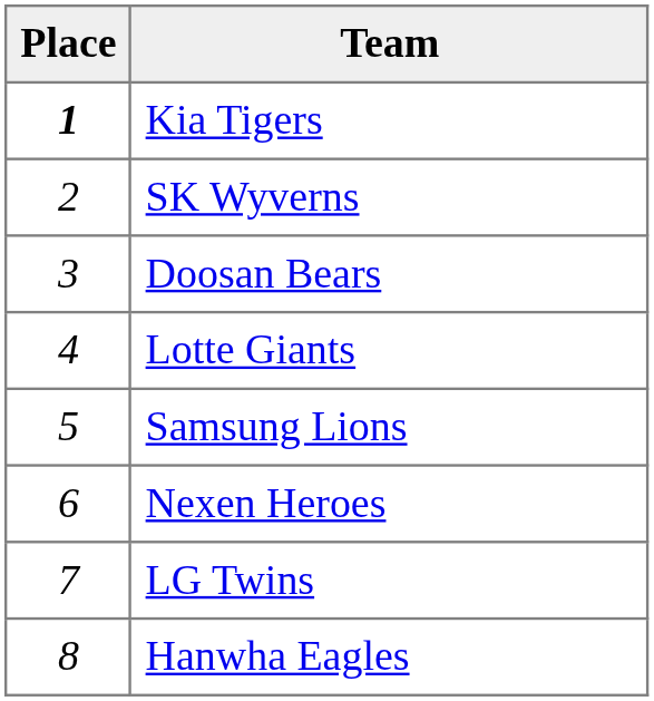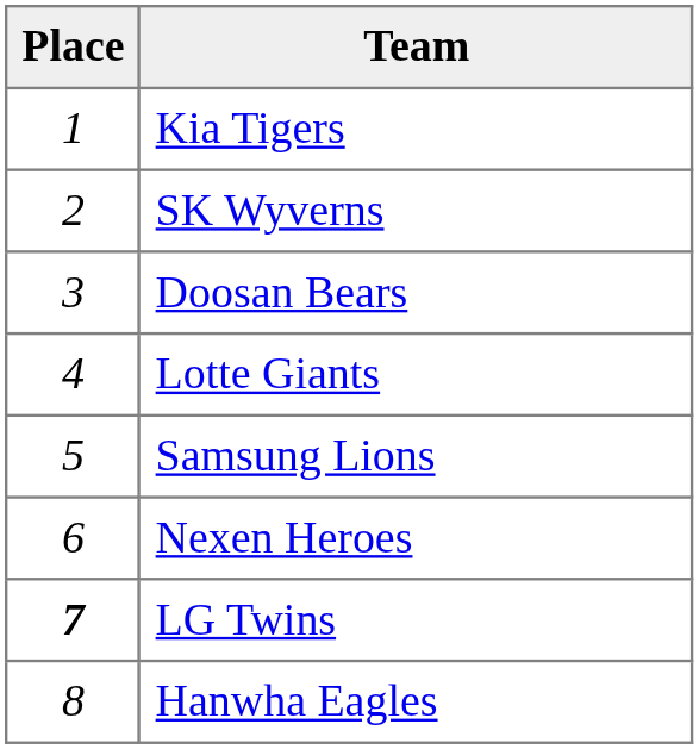 <table style=border-collapse:collapse border=1 cellspacing=0 cellpadding=5>
 <tr align=center bgcolor=#efefef>
 <th width=35>Place</th>
 <th width=185>Team</th>
 </tr>
 <tr align=center>
-<td><strong><em>1</em></strong></td>
+<td><em>1</em></td>
 <td style="text-align:left;"><a href='#'>Kia Tigers</a></td>
 </tr>
 <tr align=center>
 <td><em>2</em></td>
 <td style="text-align:left;"><a href='#'>SK Wyverns</a></td>
 </tr>
 <tr align=center>
 <td><em>3</em></td>
 <td style="text-align:left;"><a href='#'>Doosan Bears</a></td>
 </tr>
 <tr align=center>
 <td><em>4</em></td>
 <td style="text-align:left;"><a href='#'>Lotte Giants</a></td>
 </tr>
 <tr align=center>
 <td><em>5</em></td>
 <td style="text-align:left;"><a href='#'>Samsung Lions</a></td>
 </tr>
 <tr align=center>
 <td><em>6</em></td>
 <td style="text-align:left;"><a href='#'>Nexen Heroes</a></td>
 </tr>
 <tr align=center>
-<td><em>7</em></td>
+<td><strong><em>7</em></strong></td>
 <td style="text-align:left;"><a href='#'>LG Twins</a></td>
 </tr>
 <tr align=center>
 <td><em>8</em></td>
 <td style="text-align:left;"><a href='#'>Hanwha Eagles</a></td>
 </tr>
 </table>
